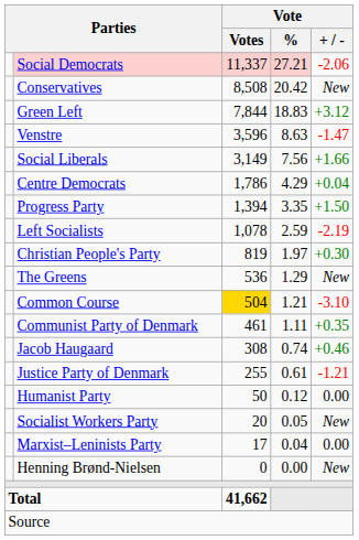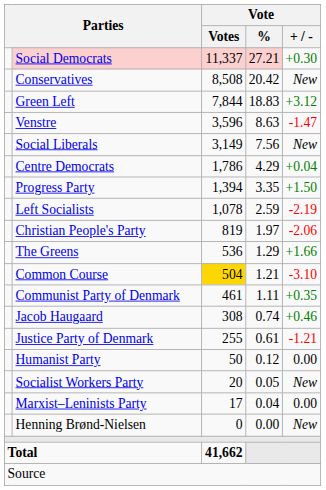 <table class="wikitable" style="text-align:right;">
 <tr>
 <th style="text-align:centre;" rowspan="2" colspan="2" width="225">Parties</th>
 <th colspan="3">Vote</th>
 </tr>
 <tr>
 <th width="15">Votes</th>
 <th width="15">%</th>
 <th width="15">+ / -</th>
 </tr>
 <tr>
 <td width="2" style="color:inherit;background:"></td>
 <td bgcolor=#fbd0ce  align="left"><a href='#'>Social Democrats</a></td>
 <td bgcolor=#fbd0ce>11,337</td>
 <td bgcolor=#fbd0ce>27.21</td>
-<td style=color:red;>-2.06</td>
+<td style=color:green;>+0.30</td>
 </tr>
 <tr>
 <td width="2" style="color:inherit;background:"></td>
 <td align="left"><a href='#'>Conservatives</a></td>
 <td>8,508</td>
 <td>20.42</td>
 <td><em>New</em></td>
 </tr>
 <tr>
 <td width="2" style="color:inherit;background:"></td>
 <td align="left"><a href='#'>Green Left</a></td>
 <td>7,844</td>
 <td>18.83</td>
 <td style=color:green;>+3.12</td>
 </tr>
 <tr>
 <td width="2" style="color:inherit;background:"></td>
 <td align="left"><a href='#'>Venstre</a></td>
 <td>3,596</td>
 <td>8.63</td>
 <td style=color:red;>-1.47</td>
 </tr>
 <tr>
 <td width="2" style="color:inherit;background:"></td>
 <td align="left"><a href='#'>Social Liberals</a></td>
 <td>3,149</td>
 <td>7.56</td>
-<td style=color:green;>+1.66</td>
+<td><em>New</em></td>
 </tr>
 <tr>
 <td width="2" style="color:inherit;background:"></td>
 <td align="left"><a href='#'>Centre Democrats</a></td>
 <td>1,786</td>
 <td>4.29</td>
 <td style=color:green;>+0.04</td>
 </tr>
 <tr>
 <td width="2" style="color:inherit;background:"></td>
 <td align="left"><a href='#'>Progress Party</a></td>
 <td>1,394</td>
 <td>3.35</td>
 <td style=color:green;>+1.50</td>
 </tr>
 <tr>
 <td width="2" style="color:inherit;background:"></td>
 <td align="left"><a href='#'>Left Socialists</a></td>
 <td>1,078</td>
 <td>2.59</td>
 <td style=color:red;>-2.19</td>
 </tr>
 <tr>
 <td width="2" style="color:inherit;background:"></td>
 <td align="left"><a href='#'>Christian People's Party</a></td>
 <td>819</td>
 <td>1.97</td>
-<td style=color:green;>+0.30</td>
+<td style=color:red;>-2.06</td>
 </tr>
 <tr>
 <td width="2" style="color:inherit;background:"></td>
 <td align="left"><a href='#'>The Greens</a></td>
 <td>536</td>
 <td>1.29</td>
-<td><em>New</em></td>
+<td style=color:green;>+1.66</td>
 </tr>
 <tr>
 <td width="2" style="color:inherit;background:"></td>
 <td align="left"><a href='#'>Common Course</a></td>
 <td style="background: gold;">504</td>
 <td>1.21</td>
 <td style=color:red;>-3.10</td>
 </tr>
 <tr>
 <td width="2" style="color:inherit;background:"></td>
 <td align="left"><a href='#'>Communist Party of Denmark</a></td>
 <td>461</td>
 <td>1.11</td>
 <td style=color:green;>+0.35</td>
 </tr>
 <tr>
 <td width="2" style="color:inherit;background:"></td>
 <td align="left"><a href='#'>Jacob Haugaard</a></td>
 <td>308</td>
 <td>0.74</td>
 <td style=color:green;>+0.46</td>
 </tr>
 <tr>
 <td width="2" style="color:inherit;background:"></td>
 <td align="left"><a href='#'>Justice Party of Denmark</a></td>
 <td>255</td>
 <td>0.61</td>
 <td style=color:red;>-1.21</td>
 </tr>
 <tr>
 <td width="2" style="color:inherit;background:"></td>
 <td align="left"><a href='#'>Humanist Party</a></td>
 <td>50</td>
 <td>0.12</td>
 <td>0.00</td>
 </tr>
 <tr>
 <td width="2" style="color:inherit;background:"></td>
 <td align="left"><a href='#'>Socialist Workers Party</a></td>
 <td>20</td>
 <td>0.05</td>
 <td><em>New</em></td>
 </tr>
 <tr>
 <td width="2" style="color:inherit;background:"></td>
 <td align="left"><a href='#'>Marxist–Leninists Party</a></td>
 <td>17</td>
 <td>0.04</td>
 <td>0.00</td>
 </tr>
 <tr>
 <td width="2" style="color:inherit;background:"></td>
 <td align="left">Henning Brønd-Nielsen</td>
 <td>0</td>
 <td>0.00</td>
 <td><em>New</em></td>
 </tr>
 <tr>
 <td colspan="7" bgcolor="#E9E9E9"></td>
 </tr>
 <tr>
 <td align="left" colspan="2"><strong>Total</strong></td>
 <td><strong>41,662</strong></td>
 <td bgcolor="#E9E9E9" colspan="2"></td>
 </tr>
 <tr>
 <td align="left" colspan="6">Source</td>
 </tr>
 </table>
